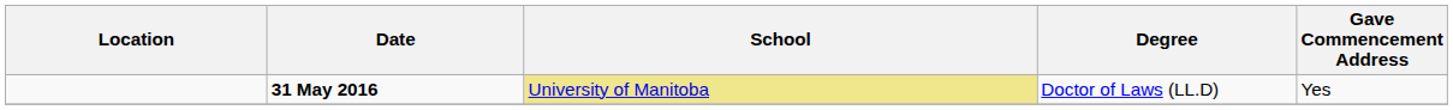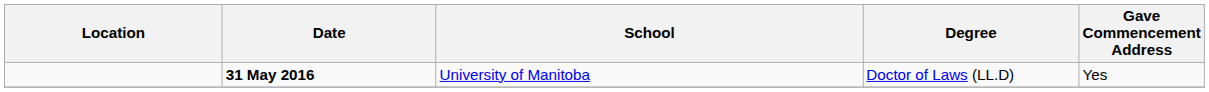 <table class="wikitable" style="width:100%;">
 <tr>
 <th style="width:20%;">Location</th>
 <th style="width:20%;">Date</th>
 <th style="width:40%;">School</th>
 <th style="width:20%;">Degree</th>
 <th style="width:20%;">Gave Commencement Address</th>
 </tr>
 <tr>
 <td></td>
 <td><strong>31 May 2016</strong></td>
-<td style="background: khaki;"><a href='#'>University of Manitoba</a></td>
+<td><a href='#'>University of Manitoba</a></td>
 <td><a href='#'>Doctor of Laws</a> (LL.D)</td>
 <td>Yes</td>
 </tr>
 <tr>
 </tr>
 </table>
